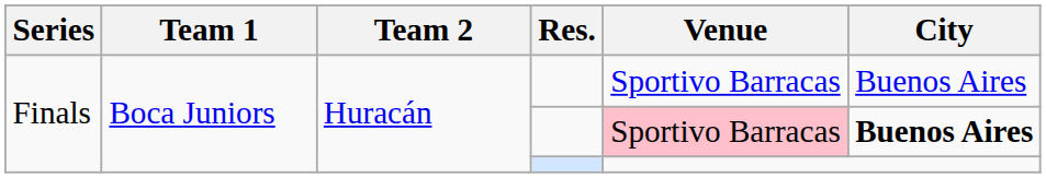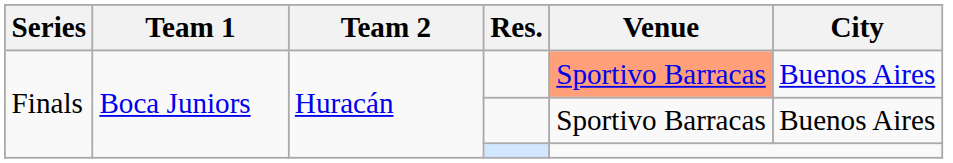 <table class=wikitable>
 <tr>
 <th>Series</th>
 <th width=100px>Team 1</th>
 <th width=100px>Team 2</th>
 <th>Res.</th>
 <th>Venue</th>
 <th>City</th>
 </tr>
 <tr>
 <td rowspan=3>Finals</td>
 <td rowspan=3><a href='#'>Boca Juniors</a></td>
 <td rowspan=3><a href='#'>Huracán</a></td>
 <td></td>
-<td><a href='#'>Sportivo Barracas</a></td>
+<td style="background: lightsalmon;"><a href='#'>Sportivo Barracas</a></td>
 <td><a href='#'>Buenos Aires</a></td>
 </tr>
 <tr>
 <td></td>
-<td style="background: pink;">Sportivo Barracas</td>
-<td><strong>Buenos Aires</strong></td>
+<td>Sportivo Barracas</td>
+<td>Buenos Aires</td>
 </tr>
 <tr>
 <td bgcolor= #d0e7ff></td>
 <td colspan=2></td>
 </tr>
 </table>
